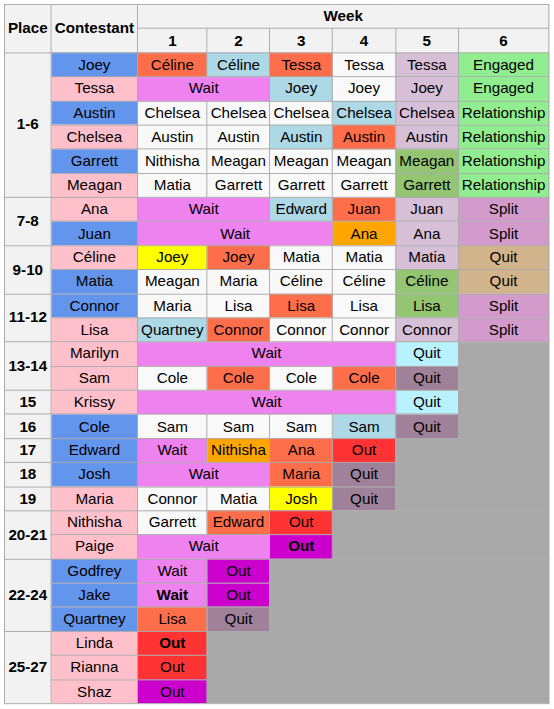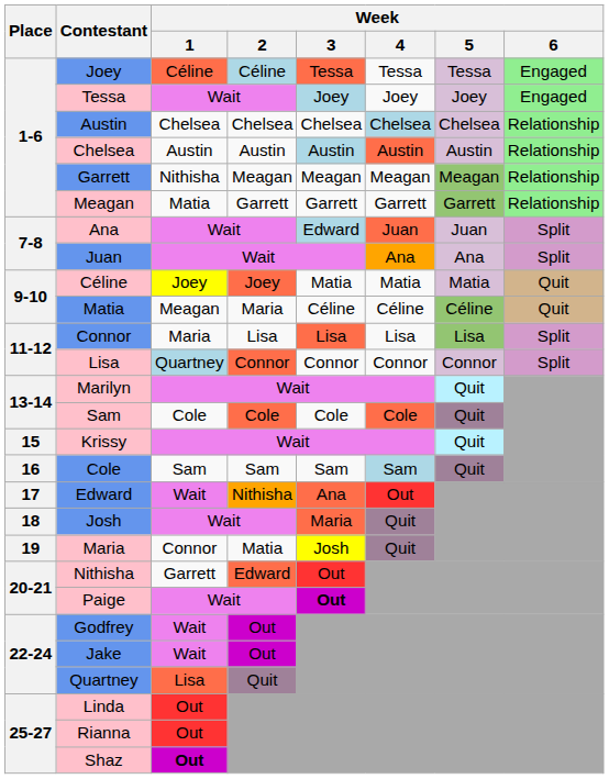 <table class="wikitable" style="text-align:center">
 <tr>
 <th rowspan="2">Place</th>
 <th rowspan="2">Contestant</th>
 <th colspan="6">Week</th>
 </tr>
 <tr>
 <th>1</th>
 <th>2</th>
 <th>3</th>
 <th>4</th>
 <th>5</th>
 <th>6</th>
 </tr>
 <tr>
 <th rowspan="6">1-6</th>
 <td bgcolor="#6495ED">Joey</td>
 <td bgcolor="#FF6E4A">Céline</td>
 <td bgcolor="#ADD8E6">Céline</td>
 <td bgcolor="#FF6E4A">Tessa</td>
 <td>Tessa</td>
 <td bgcolor="thistle">Tessa</td>
 <td bgcolor="#90EE90">Engaged</td>
 </tr>
 <tr>
 <td bgcolor="#FFC0CB">Tessa</td>
 <td colspan="2" bgcolor="violet">Wait</td>
 <td bgcolor="#ADD8E6">Joey</td>
 <td>Joey</td>
 <td bgcolor="thistle">Joey</td>
 <td bgcolor="#90EE90">Engaged</td>
 </tr>
 <tr>
 <td bgcolor="#6495ED">Austin</td>
 <td>Chelsea</td>
 <td>Chelsea</td>
 <td>Chelsea</td>
 <td bgcolor="#ADD8E6">Chelsea</td>
 <td bgcolor="thistle">Chelsea</td>
 <td bgcolor="#90EE90">Relationship</td>
 </tr>
 <tr>
 <td bgcolor="#FFC0CB">Chelsea</td>
 <td>Austin</td>
 <td>Austin</td>
 <td bgcolor="#ADD8E6">Austin</td>
 <td bgcolor="#FF6E4A">Austin</td>
 <td bgcolor="thistle">Austin</td>
 <td bgcolor="#90EE90">Relationship</td>
 </tr>
 <tr>
 <td bgcolor="#6495ED">Garrett</td>
 <td>Nithisha</td>
 <td>Meagan</td>
 <td>Meagan</td>
 <td>Meagan</td>
 <td bgcolor="#93C572">Meagan</td>
 <td bgcolor="#90EE90">Relationship</td>
 </tr>
 <tr>
 <td bgcolor="#FFC0CB">Meagan</td>
 <td>Matia</td>
 <td>Garrett</td>
 <td>Garrett</td>
 <td>Garrett</td>
 <td bgcolor="#93C572">Garrett</td>
 <td bgcolor="#90EE90">Relationship</td>
 </tr>
 <tr>
 <th rowspan="2">7-8</th>
 <td bgcolor="#FFC0CB">Ana</td>
 <td colspan="2" bgcolor="violet">Wait</td>
 <td bgcolor="#ADD8E6">Edward</td>
 <td bgcolor="#FF6E4A">Juan</td>
 <td bgcolor="thistle">Juan</td>
 <td bgcolor="#D39BCB">Split</td>
 </tr>
 <tr>
 <td bgcolor="#6495ED">Juan</td>
 <td colspan="3" bgcolor="violet">Wait</td>
 <td bgcolor="FFA500">Ana</td>
 <td bgcolor="thistle">Ana</td>
 <td bgcolor="#D39BCB">Split</td>
 </tr>
 <tr>
 <th rowspan="2">9-10</th>
 <td bgcolor="#FFC0CB">Céline</td>
 <td bgcolor="FFFF00">Joey</td>
 <td bgcolor="#FF6E4A">Joey</td>
 <td>Matia</td>
 <td>Matia</td>
 <td bgcolor="thistle">Matia</td>
 <td bgcolor="tan">Quit</td>
 </tr>
 <tr>
 <td bgcolor="#6495ED">Matia</td>
 <td>Meagan</td>
 <td>Maria</td>
 <td>Céline</td>
 <td>Céline</td>
 <td bgcolor="#93C572">Céline</td>
 <td bgcolor="tan">Quit</td>
 </tr>
 <tr>
 <th rowspan="2">11-12</th>
 <td bgcolor="#6495ED">Connor</td>
 <td>Maria</td>
 <td>Lisa</td>
 <td bgcolor="#FF6E4A">Lisa</td>
 <td>Lisa</td>
 <td bgcolor="#93C572">Lisa</td>
 <td bgcolor="#D39BCB">Split</td>
 </tr>
 <tr>
 <td bgcolor="#FFC0CB">Lisa</td>
 <td bgcolor="#ADD8E6">Quartney</td>
 <td bgcolor="#FF6E4A">Connor</td>
 <td>Connor</td>
 <td>Connor</td>
 <td bgcolor="thistle">Connor</td>
 <td bgcolor="#D39BCB">Split</td>
 </tr>
 <tr>
 <th rowspan="2">13-14</th>
 <td bgcolor="#FFC0CB">Marilyn</td>
 <td colspan="4" bgcolor="violet">Wait</td>
 <td bgcolor="#B9F2FF">Quit</td>
 <td rowspan="4" bgcolor="#A9A9A9"></td>
 </tr>
 <tr>
 <td bgcolor="#FFC0CB">Sam</td>
 <td>Cole</td>
 <td bgcolor="#FF6E4A">Cole</td>
 <td>Cole</td>
 <td bgcolor="#FF6E4A">Cole</td>
 <td bgcolor="#9F8199">Quit</td>
 </tr>
 <tr>
 <th>15</th>
 <td bgcolor="#FFC0CB">Krissy</td>
 <td colspan="4" bgcolor="violet">Wait</td>
 <td bgcolor="#B9F2FF">Quit</td>
 </tr>
 <tr>
 <th>16</th>
 <td bgcolor="#6495ED">Cole</td>
 <td>Sam</td>
 <td>Sam</td>
 <td>Sam</td>
 <td bgcolor="#ADD8E6">Sam</td>
 <td bgcolor="#9F8199">Quit</td>
 </tr>
 <tr>
 <th>17</th>
 <td bgcolor="#6495ED">Edward</td>
 <td bgcolor="violet">Wait</td>
 <td bgcolor="FFA500">Nithisha</td>
 <td bgcolor="#FF6E4A">Ana</td>
 <td bgcolor="#FF3333">Out</td>
 <td colspan="2" rowspan="3" bgcolor="#A9A9A9"></td>
 </tr>
 <tr>
 <th>18</th>
 <td bgcolor="#6495ED">Josh</td>
 <td colspan="2" bgcolor="violet">Wait</td>
 <td bgcolor="#FF6E4A">Maria</td>
 <td bgcolor="#9F8199">Quit</td>
 </tr>
 <tr>
 <th>19</th>
 <td bgcolor="#FFC0CB">Maria</td>
 <td>Connor</td>
 <td>Matia</td>
 <td bgcolor="FFFF00">Josh</td>
 <td bgcolor="#9F8199">Quit</td>
 </tr>
 <tr>
 <th rowspan="2">20-21</th>
 <td bgcolor="#FFC0CB">Nithisha</td>
 <td>Garrett</td>
 <td bgcolor="#FF6E4A">Edward</td>
 <td bgcolor="#FF3333">Out</td>
 <td colspan="3" rowspan="2" bgcolor="#A9A9A9"></td>
 </tr>
 <tr>
 <td bgcolor="#FFC0CB">Paige</td>
 <td colspan="2" bgcolor="violet">Wait</td>
 <td bgcolor="#CC00CC"><strong>Out</strong></td>
 </tr>
 <tr>
 <th rowspan="3">22-24</th>
 <td bgcolor="#6495ED">Godfrey</td>
 <td bgcolor="violet">Wait</td>
 <td bgcolor="#CC00CC">Out</td>
 <td colspan="4" rowspan="3" bgcolor="#A9A9A9"></td>
 </tr>
 <tr>
 <td bgcolor="#6495ED">Jake</td>
-<td bgcolor="violet"><strong>Wait</strong></td>
+<td bgcolor="violet">Wait</td>
 <td bgcolor="#CC00CC">Out</td>
 </tr>
 <tr>
 <td bgcolor="#6495ED">Quartney</td>
 <td bgcolor="#FF6E4A">Lisa</td>
 <td bgcolor="#9F8199">Quit</td>
 </tr>
 <tr>
 <th rowspan="3">25-27</th>
 <td bgcolor="#FFC0CB">Linda</td>
-<td bgcolor="#FF3333"><strong>Out</strong></td>
+<td bgcolor="#FF3333">Out</td>
 <td colspan="5" rowspan="3" bgcolor="#A9A9A9"></td>
 </tr>
 <tr>
 <td bgcolor="#FFC0CB">Rianna</td>
 <td bgcolor="#FF3333">Out</td>
 </tr>
 <tr>
 <td bgcolor="#FFC0CB">Shaz</td>
-<td bgcolor="#CC00CC">Out</td>
+<td bgcolor="#CC00CC"><strong>Out</strong></td>
 </tr>
 </table>
